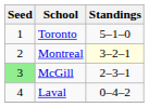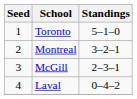 <table class="wikitable">
 <tr>
 <th>Seed</th>
 <th>School</th>
 <th>Standings</th>
 </tr>
 <tr>
 <td align=center>1</td>
 <td><a href='#'>Toronto</a></td>
 <td align=center>5–1–0</td>
 </tr>
 <tr>
 <td align=center>2</td>
 <td><a href='#'>Montreal</a></td>
-<td align=center style="background: lightyellow;">3–2–1</td>
+<td align=center>3–2–1</td>
 </tr>
 <tr>
-<td align=center style="background: lightgreen;">3</td>
+<td align=center>3</td>
 <td><a href='#'>McGill</a></td>
 <td align=center>2–3–1</td>
 </tr>
 <tr>
 <td align=center>4</td>
 <td><a href='#'>Laval</a></td>
 <td align=center>0–4–2</td>
 </tr>
 <tr>
 </tr>
 </table>
